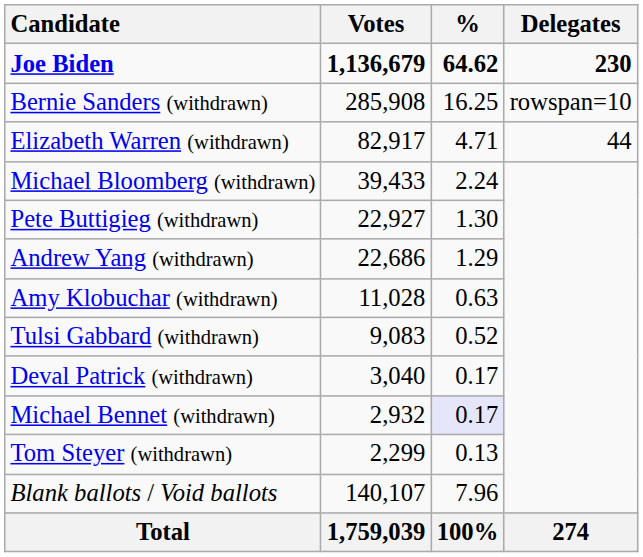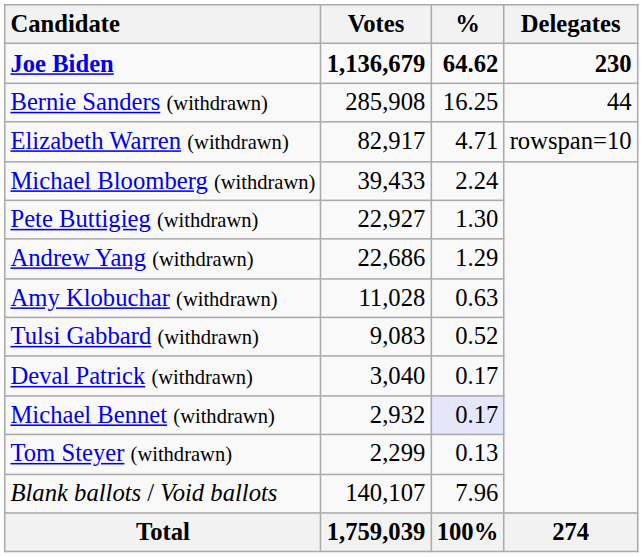 <table class="wikitable sortable" style="text-align:right;">
 <tr>
 <th style="text-align:left;">Candidate</th>
 <th>Votes</th>
 <th>%</th>
 <th>Delegates</th>
 </tr>
 <tr>
 <td style="text-align:left;" data-sort-value="Biden, Joe"><strong><a href='#'>Joe Biden</a></strong></td>
 <td><strong>1,136,679</strong></td>
 <td><strong>64.62</strong></td>
 <td><strong>230</strong></td>
 </tr>
 <tr>
 <td style="text-align:left;" data-sort-value="Sanders, Bernie"><a href='#'>Bernie Sanders</a> <small>(withdrawn)</small></td>
 <td>285,908</td>
 <td>16.25</td>
-<td>rowspan=10 </td>
+<td>44</td>
 </tr>
 <tr>
 <td style="text-align:left;" data-sort-value="Warren, Elizabeth"><a href='#'>Elizabeth Warren</a> <small>(withdrawn)</small></td>
 <td>82,917</td>
 <td>4.71</td>
-<td>44</td>
+<td>rowspan=10 </td>
 </tr>
 <tr>
 <td style="text-align:left;" data-sort-value="Bloomberg, Michael"><a href='#'>Michael Bloomberg</a> <small>(withdrawn)</small></td>
 <td>39,433</td>
 <td>2.24</td>
 </tr>
 <tr>
 <td style="text-align:left;" data-sort-value="Buttigieg, Pete"><a href='#'>Pete Buttigieg</a> <small>(withdrawn)</small></td>
 <td>22,927</td>
 <td>1.30</td>
 </tr>
 <tr>
 <td style="text-align:left;" data-sort-value="Yang, Andrew"><a href='#'>Andrew Yang</a> <small>(withdrawn)</small></td>
 <td>22,686</td>
 <td>1.29</td>
 </tr>
 <tr>
 <td style="text-align:left;" data-sort-value="Klobuchar, Amy"><a href='#'>Amy Klobuchar</a> <small>(withdrawn)</small></td>
 <td>11,028</td>
 <td>0.63</td>
 </tr>
 <tr>
 <td style="text-align:left;" data-sort-value="Gabbard, Tulsi"><a href='#'>Tulsi Gabbard</a> <small>(withdrawn)</small></td>
 <td>9,083</td>
 <td>0.52</td>
 </tr>
 <tr>
 <td style="text-align:left;" data-sort-value="Patrick, Deval"><a href='#'>Deval Patrick</a> <small>(withdrawn)</small></td>
 <td>3,040</td>
 <td>0.17</td>
 </tr>
 <tr>
 <td style="text-align:left;" data-sort-value="Bennet, Michael"><a href='#'>Michael Bennet</a> <small>(withdrawn)</small></td>
 <td>2,932</td>
 <td style="background: lavender;">0.17</td>
 </tr>
 <tr>
 <td style="text-align:left;" data-sort-value="Steyer, Tom"><a href='#'>Tom Steyer</a> <small>(withdrawn)</small></td>
 <td>2,299</td>
 <td>0.13</td>
 </tr>
 <tr>
 <td style="text-align:left;" data-sort-value="ZZA"><em>Blank ballots</em> / <em>Void ballots</em></td>
 <td>140,107</td>
 <td>7.96</td>
 </tr>
 <tr>
 <th>Total</th>
 <th>1,759,039</th>
 <th>100%</th>
 <th>274</th>
 </tr>
 </table>
